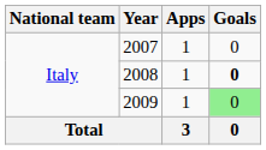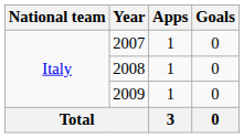 <table class="wikitable" style="text-align:center">
 <tr>
 <th>National team</th>
 <th>Year</th>
 <th>Apps</th>
 <th>Goals</th>
 </tr>
 <tr>
 <td rowspan="3"><a href='#'>Italy</a></td>
 <td>2007</td>
 <td>1</td>
 <td>0</td>
 </tr>
 <tr>
 <td>2008</td>
 <td>1</td>
-<td><strong>0</strong></td>
+<td>0</td>
 </tr>
 <tr>
 <td>2009</td>
 <td>1</td>
-<td style="background: lightgreen;">0</td>
+<td>0</td>
 </tr>
 <tr>
 <th colspan="2">Total</th>
 <th>3</th>
 <th>0</th>
 </tr>
 </table>
